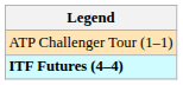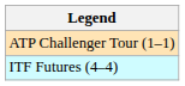 <table class=wikitable style=font-size:90%>
 <tr>
 <th>Legend</th>
 </tr>
 <tr bgcolor=moccasin>
 <td>ATP Challenger Tour (1–1)</td>
 </tr>
 <tr bgcolor=CFFCFF>
-<td><strong>ITF Futures (4–4)</strong></td>
+<td>ITF Futures (4–4)</td>
 </tr>
 </table>
